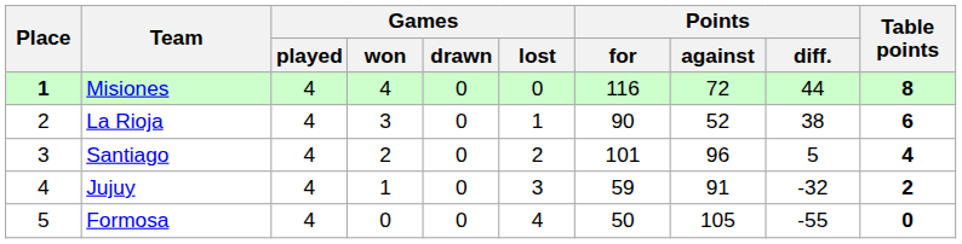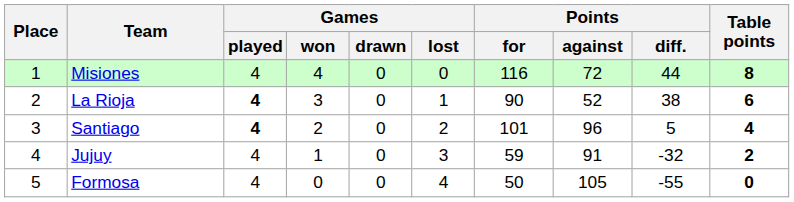 <table class="wikitable">
 <tr>
 <th rowspan=2 width="8%">Place</th>
 <th rowspan=2 width="20%">Team</th>
 <th colspan=4 width="32%">Games</th>
 <th colspan=3 width="30%">Points</th>
 <th rowspan=2 width="10%">Table<br>points</th>
 </tr>
 <tr>
 <th width="8%">played</th>
 <th width="8%">won</th>
 <th width="8%">drawn</th>
 <th width="8%">lost</th>
 <th width="10%">for</th>
 <th width="10%">against</th>
 <th width="10%">diff.</th>
 </tr>
 <tr align=center style="background: #ccffcc;">
-<td><strong>1</strong></td>
+<td>1</td>
 <td align=left><a href='#'>Misiones</a></td>
 <td>4</td>
 <td>4</td>
 <td>0</td>
 <td>0</td>
 <td>116</td>
 <td>72</td>
 <td>44</td>
 <td><strong>8</strong></td>
 </tr>
 <tr align=center style="background: #ffffff;">
 <td>2</td>
 <td align=left><a href='#'>La Rioja</a></td>
-<td>4</td>
+<td><strong>4</strong></td>
 <td>3</td>
 <td>0</td>
 <td>1</td>
 <td>90</td>
 <td>52</td>
 <td>38</td>
 <td><strong>6</strong></td>
 </tr>
 <tr align=center style="background: #ffffff;">
 <td>3</td>
 <td align=left><a href='#'>Santiago</a></td>
-<td>4</td>
+<td><strong>4</strong></td>
 <td>2</td>
 <td>0</td>
 <td>2</td>
 <td>101</td>
 <td>96</td>
 <td>5</td>
 <td><strong>4</strong></td>
 </tr>
 <tr align=center style="background: #ffffff;">
 <td>4</td>
 <td align=left><a href='#'>Jujuy</a></td>
 <td>4</td>
 <td>1</td>
 <td>0</td>
 <td>3</td>
 <td>59</td>
 <td>91</td>
 <td>-32</td>
 <td><strong>2</strong></td>
 </tr>
 <tr align=center style="background: #ffffff;">
 <td>5</td>
 <td align=left><a href='#'>Formosa</a></td>
 <td>4</td>
 <td>0</td>
 <td>0</td>
 <td>4</td>
 <td>50</td>
 <td>105</td>
 <td>-55</td>
 <td><strong>0</strong></td>
 </tr>
 </table>
